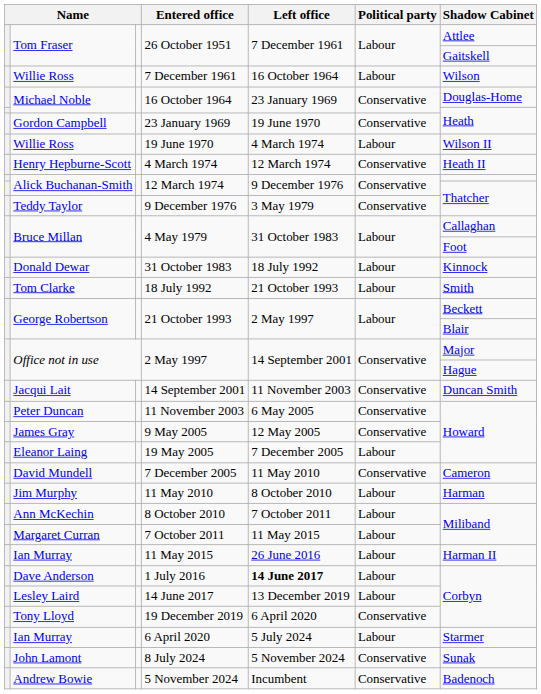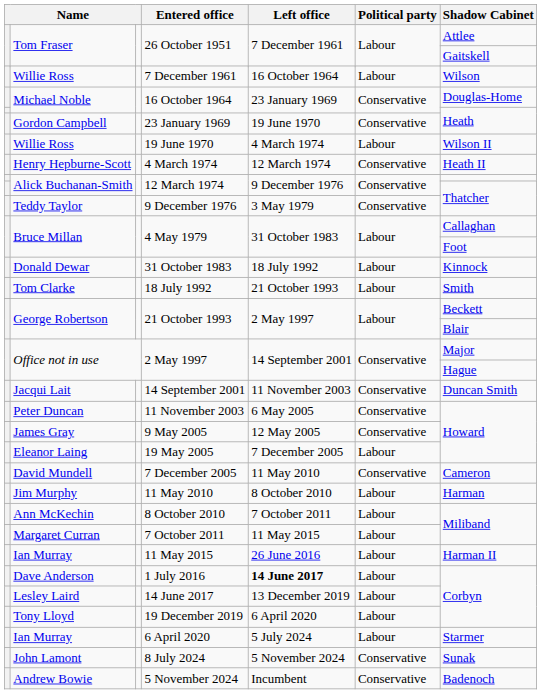 <table class="wikitable">
 <tr>
 <th colspan=3>Name</th>
 <th>Entered office</th>
 <th>Left office</th>
 <th>Political party</th>
 <th>Shadow Cabinet</th>
 </tr>
 <tr>
 <th rowspan="3" style="background-color: "></th>
 <td rowspan=3><a href='#'>Tom Fraser</a></td>
 <td rowspan=3></td>
 <td rowspan=3>26 October 1951</td>
 <td rowspan=3>7 December 1961</td>
 <td rowspan=3>Labour</td>
 <td><a href='#'>Attlee</a></td>
 </tr>
 <tr>
 <td><a href='#'>Gaitskell</a></td>
 </tr>
 <tr>
 <td rowspan=2 ><a href='#'>Wilson</a></td>
 </tr>
 <tr>
 <th style="background-color: "></th>
 <td><a href='#'>Willie Ross</a></td>
 <td></td>
 <td>7 December 1961</td>
 <td>16 October 1964</td>
 <td>Labour</td>
 </tr>
 <tr>
 <th style="background-color: "></th>
 <td rowspan=2><a href='#'>Michael Noble</a></td>
 <td rowspan=2></td>
 <td rowspan=2>16 October 1964</td>
 <td rowspan=2>23 January 1969</td>
 <td rowspan=2>Conservative</td>
 <td><a href='#'>Douglas-Home</a></td>
 </tr>
 <tr>
 <th style="background-color: "></th>
 <td rowspan=2 ><a href='#'> Heath</a></td>
 </tr>
 <tr>
 <th style="background-color: "></th>
 <td><a href='#'>Gordon Campbell</a></td>
 <td></td>
 <td>23 January 1969</td>
 <td>19 June 1970</td>
 <td>Conservative</td>
 </tr>
 <tr>
 <th style="background-color: "></th>
 <td><a href='#'>Willie Ross</a></td>
 <td></td>
 <td>19 June 1970</td>
 <td>4 March 1974</td>
 <td>Labour</td>
 <td><a href='#'>Wilson II</a></td>
 </tr>
 <tr>
 <th style="background-color: "></th>
 <td><a href='#'>Henry Hepburne-Scott</a></td>
 <td></td>
 <td>4 March 1974</td>
 <td>12 March 1974</td>
 <td>Conservative</td>
 <td><a href='#'>Heath II</a></td>
 </tr>
 <tr>
 <th style="background-color: "></th>
 <td rowspan="2"><a href='#'>Alick Buchanan-Smith</a></td>
 <td rowspan="2"></td>
 <td rowspan="2">12 March 1974</td>
 <td rowspan="2">9 December 1976</td>
 <td rowspan="2">Conservative</td>
 </tr>
 <tr>
 <th style="background-color: "></th>
 <td rowspan="2" ><a href='#'>Thatcher</a></td>
 </tr>
 <tr>
 <th style="background-color: "></th>
 <td><a href='#'>Teddy Taylor</a></td>
 <td></td>
 <td>9 December 1976</td>
 <td>3 May 1979</td>
 <td>Conservative</td>
 </tr>
 <tr>
 <th rowspan="2" style="background-color: "></th>
 <td rowspan=2><a href='#'>Bruce Millan</a></td>
 <td rowspan=2></td>
 <td rowspan=2>4 May 1979</td>
 <td rowspan=2>31 October 1983</td>
 <td rowspan=2>Labour</td>
 <td><a href='#'>Callaghan</a></td>
 </tr>
 <tr>
 <td><a href='#'>Foot</a></td>
 </tr>
 <tr>
 <th style="background-color: "></th>
 <td><a href='#'>Donald Dewar</a></td>
 <td></td>
 <td>31 October 1983</td>
 <td>18 July 1992</td>
 <td>Labour</td>
 <td><a href='#'>Kinnock</a></td>
 </tr>
 <tr>
 <th style="background-color: "></th>
 <td><a href='#'>Tom Clarke</a></td>
 <td></td>
 <td>18 July 1992</td>
 <td>21 October 1993</td>
 <td>Labour</td>
 <td rowspan=2 ><a href='#'>Smith</a></td>
 </tr>
 <tr>
 <th rowspan="3" style="background-color: "></th>
 <td rowspan=3><a href='#'>George Robertson</a></td>
 <td rowspan=3></td>
 <td rowspan=3>21 October 1993</td>
 <td rowspan=3>2 May 1997</td>
 <td rowspan=3>Labour</td>
 </tr>
 <tr>
 <td><a href='#'>Beckett</a></td>
 </tr>
 <tr>
 <td><a href='#'>Blair</a></td>
 </tr>
 <tr>
 <th rowspan="2" style="background-color: "></th>
 <td rowspan=2 colspan=2><em>Office not in use</em></td>
 <td rowspan=2>2 May 1997</td>
 <td rowspan=2>14 September 2001</td>
 <td rowspan="2">Conservative</td>
 <td><a href='#'>Major</a></td>
 </tr>
 <tr>
 <td><a href='#'>Hague</a></td>
 </tr>
 <tr>
 <th style="background-color: "></th>
 <td><a href='#'>Jacqui Lait</a></td>
 <td></td>
 <td>14 September 2001</td>
 <td>11 November 2003</td>
 <td>Conservative</td>
 <td><a href='#'>Duncan Smith</a></td>
 </tr>
 <tr>
 <th style="background-color: "></th>
 <td><a href='#'>Peter Duncan</a></td>
 <td></td>
 <td>11 November 2003</td>
 <td>6 May 2005</td>
 <td>Conservative</td>
 <td rowspan=3 ><a href='#'>Howard</a></td>
 </tr>
 <tr>
 <th style="background-color: "></th>
 <td><a href='#'>James Gray</a></td>
 <td></td>
 <td>9 May 2005</td>
 <td>12 May 2005 </td>
 <td>Conservative</td>
 </tr>
 <tr>
 <th style="background-color: "></th>
 <td><a href='#'>Eleanor Laing</a></td>
 <td></td>
 <td>19 May 2005</td>
 <td>7 December 2005</td>
 <td>Labour</td>
 </tr>
 <tr>
 <th style="background-color: "></th>
 <td><a href='#'>David Mundell</a></td>
 <td></td>
 <td>7 December 2005</td>
 <td>11 May 2010</td>
 <td>Conservative</td>
 <td><a href='#'>Cameron</a></td>
 </tr>
 <tr>
 <th style="background-color: "></th>
 <td><a href='#'>Jim Murphy</a></td>
 <td></td>
 <td>11 May 2010</td>
 <td>8 October 2010</td>
 <td>Labour</td>
 <td><a href='#'>Harman</a></td>
 </tr>
 <tr>
 <th style="background-color: "></th>
 <td><a href='#'>Ann McKechin</a></td>
 <td></td>
 <td>8 October 2010</td>
 <td>7 October 2011</td>
 <td>Labour</td>
 <td rowspan=2 ><a href='#'>Miliband</a></td>
 </tr>
 <tr>
 <th style="background-color: "></th>
 <td><a href='#'>Margaret Curran</a></td>
 <td></td>
 <td>7 October 2011</td>
 <td>11 May 2015</td>
 <td>Labour</td>
 </tr>
 <tr>
 <th rowspan=2 style="background-color: "></th>
 <td rowspan=2><a href='#'>Ian Murray</a></td>
 <td rowspan=2></td>
 <td rowspan=2>11 May 2015</td>
 <td rowspan=2><a href='#'>26 June 2016</a></td>
 <td rowspan=2>Labour</td>
 <td><a href='#'>Harman II</a></td>
 </tr>
 <tr>
 <td rowspan=4 ><a href='#'>Corbyn</a></td>
 </tr>
 <tr>
 <th style="background-color: "></th>
 <td><a href='#'>Dave Anderson</a></td>
 <td></td>
 <td>1 July 2016</td>
 <td><strong>14 June 2017</strong></td>
 <td>Labour</td>
 </tr>
 <tr>
 <th style="background-color: "></th>
 <td><a href='#'>Lesley Laird</a></td>
 <td></td>
 <td>14 June 2017</td>
 <td>13 December 2019</td>
 <td>Labour</td>
 </tr>
 <tr>
 <th style="background-color: "></th>
 <td><a href='#'>Tony Lloyd</a></td>
 <td></td>
 <td>19 December 2019</td>
 <td>6 April 2020</td>
-<td>Conservative</td>
+<td>Labour</td>
 </tr>
 <tr>
 <th style="background-color: "></th>
 <td><a href='#'>Ian Murray</a></td>
 <td></td>
 <td>6 April 2020</td>
 <td>5 July 2024</td>
 <td>Labour</td>
 <td><a href='#'>Starmer</a></td>
 </tr>
 <tr>
 <th style="background-color: "></th>
 <td><a href='#'>John Lamont</a></td>
 <td></td>
 <td>8 July 2024</td>
 <td>5 November 2024</td>
 <td>Conservative</td>
 <td><a href='#'>Sunak</a></td>
 </tr>
 <tr>
 <th style="background-color: "></th>
 <td><a href='#'>Andrew Bowie</a></td>
 <td></td>
 <td>5 November 2024</td>
 <td>Incumbent</td>
 <td>Conservative</td>
 <td><a href='#'>Badenoch</a></td>
 </tr>
 </table>
